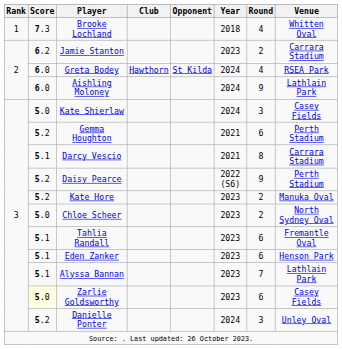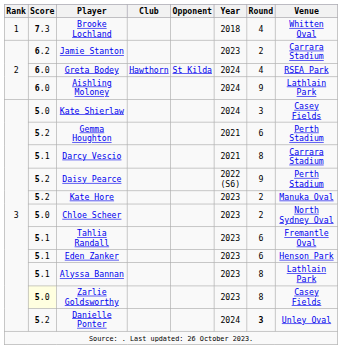 <table class="wikitable sortable" style="text-align:center; width:60%;">
 <tr style="background:#87ce">
 <th>Rank</th>
 <th>Score</th>
 <th>Player</th>
 <th>Club</th>
 <th>Opponent</th>
 <th>Year</th>
 <th>Round</th>
 <th>Venue</th>
 </tr>
 <tr>
 <td>1</td>
 <td><strong>7</strong>.3</td>
 <td><a href='#'>Brooke Lochland</a></td>
 <td></td>
 <td></td>
 <td>2018</td>
 <td>4</td>
 <td><a href='#'>Whitten Oval</a></td>
 </tr>
 <tr>
 <td rowspan=3>2</td>
 <td><strong>6</strong>.2</td>
 <td><a href='#'>Jamie Stanton</a></td>
 <td></td>
 <td></td>
 <td>2023</td>
 <td>2</td>
 <td><a href='#'>Carrara Stadium</a></td>
 </tr>
 <tr>
 <td><strong>6</strong>.0</td>
 <td><a href='#'>Greta Bodey</a></td>
 <td><a href='#'>Hawthorn</a></td>
 <td><a href='#'>St Kilda</a></td>
 <td>2024</td>
 <td>4</td>
 <td><a href='#'>RSEA Park</a></td>
 </tr>
 <tr>
 <td><strong>6</strong>.0</td>
 <td><a href='#'>Aishling Moloney</a></td>
 <td></td>
 <td></td>
 <td>2024</td>
 <td>9</td>
 <td><a href='#'>Lathlain Park</a></td>
 </tr>
 <tr>
 <td rowspan=11>3</td>
 <td><strong>5</strong>.0</td>
 <td><a href='#'>Kate Shierlaw</a></td>
 <td></td>
 <td></td>
 <td>2024</td>
 <td>3</td>
 <td><a href='#'>Casey Fields</a></td>
 </tr>
 <tr>
 <td><strong>5</strong>.2</td>
 <td><a href='#'>Gemma Houghton</a></td>
 <td></td>
 <td></td>
 <td>2021</td>
 <td>6</td>
 <td><a href='#'>Perth Stadium</a></td>
 </tr>
 <tr>
 <td><strong>5</strong>.1</td>
 <td><a href='#'>Darcy Vescio</a></td>
 <td></td>
 <td></td>
 <td>2021</td>
 <td>8</td>
 <td><a href='#'>Carrara Stadium</a></td>
 </tr>
 <tr>
 <td><strong>5</strong>.2</td>
 <td><a href='#'>Daisy Pearce</a></td>
 <td></td>
 <td></td>
 <td>2022 (S6)</td>
 <td>9</td>
 <td><a href='#'>Perth Stadium</a></td>
 </tr>
 <tr>
 <td><strong>5</strong>.2</td>
 <td><a href='#'>Kate Hore</a></td>
 <td></td>
 <td></td>
 <td>2023</td>
 <td>2</td>
 <td><a href='#'>Manuka Oval</a></td>
 </tr>
 <tr>
 <td><strong>5</strong>.0</td>
 <td><a href='#'>Chloe Scheer</a></td>
 <td></td>
 <td></td>
 <td>2023</td>
 <td>2</td>
 <td><a href='#'>North Sydney Oval</a></td>
 </tr>
 <tr>
 <td><strong>5</strong>.1</td>
 <td><a href='#'>Tahlia Randall</a></td>
 <td></td>
 <td></td>
 <td>2023</td>
 <td>6</td>
 <td><a href='#'>Fremantle Oval</a></td>
 </tr>
 <tr>
 <td><strong>5</strong>.1</td>
 <td><a href='#'>Eden Zanker</a></td>
 <td></td>
 <td></td>
 <td>2023</td>
 <td>6</td>
 <td><a href='#'>Henson Park</a></td>
 </tr>
 <tr>
 <td><strong>5</strong>.1</td>
 <td><a href='#'>Alyssa Bannan</a></td>
 <td></td>
 <td></td>
 <td>2023</td>
-<td>7</td>
+<td>8</td>
 <td><a href='#'>Lathlain Park</a></td>
 </tr>
 <tr>
 <td style="background: lightyellow;"><strong>5</strong>.0</td>
 <td><a href='#'>Zarlie Goldsworthy</a></td>
 <td></td>
 <td></td>
 <td>2023</td>
-<td>6</td>
+<td>8</td>
 <td><a href='#'>Casey Fields</a></td>
 </tr>
 <tr>
 <td><strong>5</strong>.2</td>
 <td><a href='#'>Danielle Ponter</a></td>
 <td></td>
 <td></td>
 <td>2024</td>
-<td>3</td>
+<td><strong>3</strong></td>
 <td><a href='#'>Unley Oval</a></td>
 </tr>
 <tr>
 <td colspan=8><small>Source:  </small><small>. Last updated: 26 October 2023.</small></td>
 </tr>
 </table>
